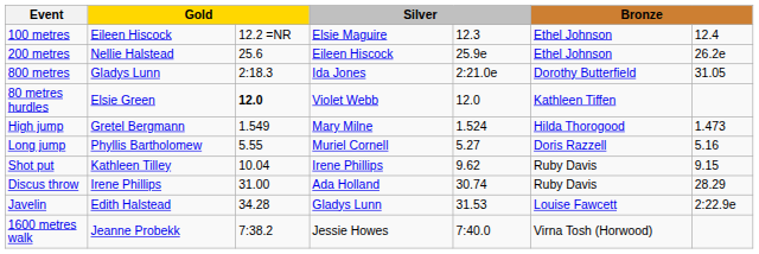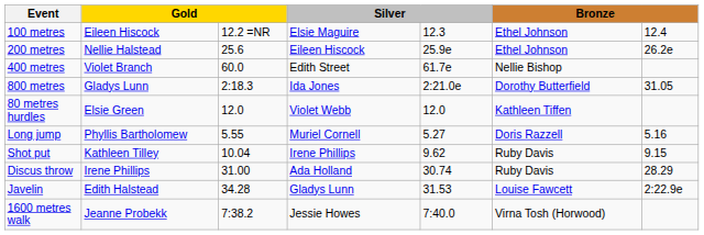 <table class="wikitable" style="text-align:left">
 <tr>
 <th width=100>Event</th>
 <th colspan="2" width="280" style="background:gold;">Gold</th>
 <th colspan="2" width="280" style="background:silver;">Silver</th>
 <th colspan="2" width="280" style="background:#CD7F32;">Bronze</th>
 </tr>
 <tr>
 <td><a href='#'>100 metres</a></td>
 <td><a href='#'>Eileen Hiscock</a></td>
 <td>12.2 =NR</td>
 <td><a href='#'>Elsie Maguire</a></td>
 <td>12.3</td>
 <td><a href='#'>Ethel Johnson</a></td>
 <td>12.4</td>
 </tr>
 <tr>
 <td><a href='#'>200 metres</a></td>
 <td><a href='#'>Nellie Halstead</a></td>
 <td>25.6</td>
 <td><a href='#'>Eileen Hiscock</a></td>
 <td>25.9e</td>
 <td><a href='#'>Ethel Johnson</a></td>
 <td>26.2e</td>
 </tr>
 <tr>
+<td><a href='#'>400 metres</a></td>
+<td><a href='#'>Violet Branch</a></td>
+<td>60.0</td>
+<td>Edith Street</td>
+<td>61.7e</td>
+<td>Nellie Bishop</td>
+<td></td>
+</tr>
+<tr>
 <td><a href='#'>800 metres</a></td>
 <td><a href='#'>Gladys Lunn</a></td>
 <td>2:18.3</td>
 <td><a href='#'>Ida Jones</a></td>
 <td>2:21.0e</td>
 <td><a href='#'>Dorothy Butterfield</a></td>
 <td>31.05</td>
 </tr>
 <tr>
 <td><a href='#'>80 metres hurdles</a></td>
 <td><a href='#'>Elsie Green</a></td>
-<td><strong>12.0</strong></td>
+<td>12.0</td>
 <td><a href='#'>Violet Webb</a></td>
 <td>12.0</td>
 <td><a href='#'>Kathleen Tiffen</a></td>
 <td></td>
-</tr>
-<tr>
-<td><a href='#'>High jump</a></td>
-<td> <a href='#'>Gretel Bergmann</a></td>
-<td>1.549</td>
-<td><a href='#'>Mary Milne</a></td>
-<td>1.524</td>
-<td><a href='#'>Hilda Thorogood</a></td>
-<td>1.473</td>
 </tr>
 <tr>
 <td><a href='#'>Long jump</a></td>
 <td><a href='#'>Phyllis Bartholomew</a></td>
 <td>5.55</td>
 <td><a href='#'>Muriel Cornell</a></td>
 <td>5.27</td>
 <td><a href='#'>Doris Razzell</a></td>
 <td>5.16</td>
 </tr>
 <tr>
 <td><a href='#'>Shot put</a></td>
 <td><a href='#'>Kathleen Tilley</a></td>
 <td>10.04</td>
 <td><a href='#'>Irene Phillips</a></td>
 <td>9.62</td>
 <td>Ruby Davis</td>
 <td>9.15</td>
 </tr>
 <tr>
 <td><a href='#'>Discus throw</a></td>
 <td><a href='#'>Irene Phillips</a></td>
 <td>31.00</td>
 <td><a href='#'>Ada Holland</a></td>
 <td>30.74</td>
 <td>Ruby Davis</td>
 <td>28.29</td>
 </tr>
 <tr>
 <td><a href='#'>Javelin</a></td>
 <td><a href='#'>Edith Halstead</a></td>
 <td>34.28</td>
 <td><a href='#'>Gladys Lunn</a></td>
 <td>31.53</td>
 <td><a href='#'>Louise Fawcett</a></td>
 <td>2:22.9e</td>
 </tr>
 <tr>
 <td><a href='#'>1600 metres walk</a></td>
 <td><a href='#'>Jeanne Probekk</a></td>
 <td>7:38.2</td>
 <td>Jessie Howes</td>
 <td>7:40.0</td>
 <td>Virna Tosh (Horwood)</td>
 <td></td>
 </tr>
 </table>
